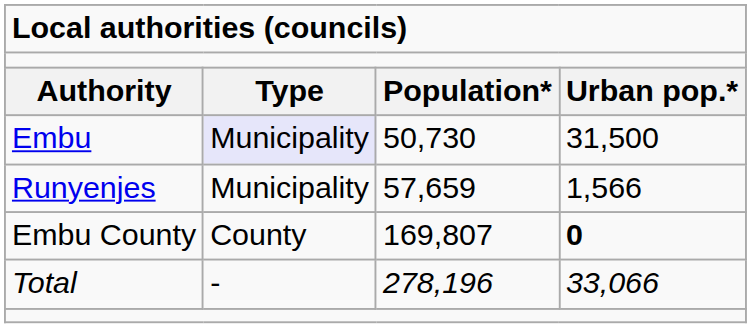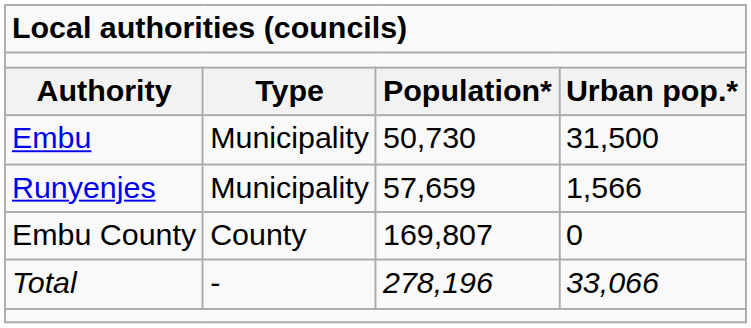 <table class="wikitable">
 <tr>
 <td colspan="4"><strong>Local authorities (councils)</strong></td>
 </tr>
 <tr>
 <td colspan="4"></td>
 </tr>
 <tr>
 <th>Authority</th>
 <th>Type</th>
 <th>Population*</th>
 <th>Urban pop.*</th>
 </tr>
 <tr>
 <td><a href='#'>Embu</a></td>
-<td style="background: lavender;">Municipality</td>
+<td>Municipality</td>
 <td>50,730</td>
 <td>31,500</td>
 </tr>
 <tr>
 <td><a href='#'>Runyenjes</a></td>
 <td>Municipality</td>
 <td>57,659</td>
 <td>1,566</td>
 </tr>
 <tr>
 <td>Embu County</td>
 <td>County</td>
 <td>169,807</td>
-<td><strong>0</strong></td>
+<td>0</td>
 </tr>
 <tr>
 <td><em>Total</em></td>
 <td>-</td>
 <td><em>278,196</em></td>
 <td><em>33,066</em></td>
 </tr>
 <tr>
 <td colspan="4"></td>
 </tr>
 </table>
